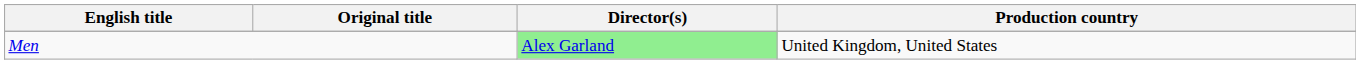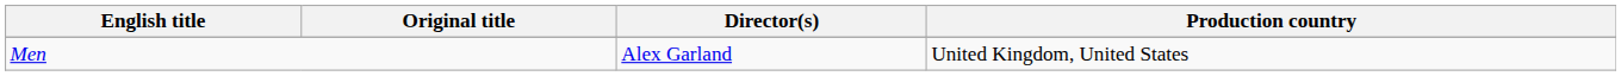 <table class="sortable wikitable" style="width:100%; margin-bottom:2px" cellpadding="5">
 <tr>
 <th scope="col">English title</th>
 <th scope="col">Original title</th>
 <th scope="col">Director(s)</th>
 <th scope="col">Production country</th>
 </tr>
 <tr style="background:#FFDEAD;">
 </tr>
 <tr>
 <td colspan=2><em><a href='#'>Men</a></em></td>
-<td style="background: lightgreen;"><a href='#'>Alex Garland</a></td>
+<td><a href='#'>Alex Garland</a></td>
 <td>United Kingdom, United States</td>
 </tr>
 </table>
